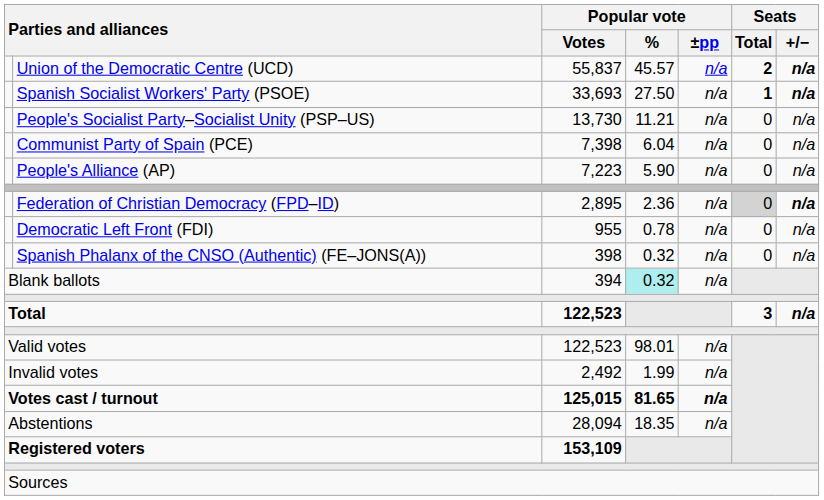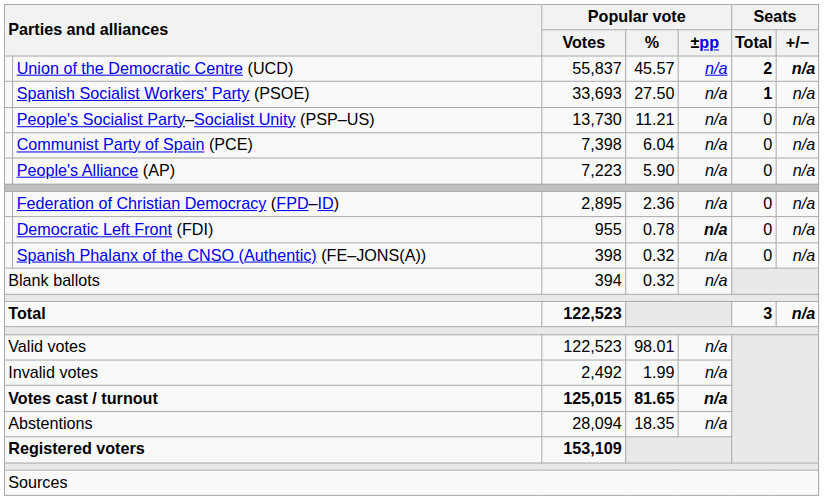 <table class="wikitable" style="text-align:right;">
 <tr>
 <th style="text-align:left;" rowspan="2" colspan="2" width="525">Parties and alliances</th>
 <th colspan="3">Popular vote</th>
 <th colspan="2">Seats</th>
 </tr>
 <tr>
 <th width="75">Votes</th>
 <th width="45">%</th>
 <th width="45">±<a href='#'>pp</a></th>
 <th width="35">Total</th>
 <th width="35">+/−</th>
 </tr>
 <tr>
 <td width="1" style="color:inherit;background:"></td>
 <td align="left"><a href='#'>Union of the Democratic Centre</a> (UCD)</td>
 <td>55,837</td>
 <td>45.57</td>
 <td><em><a href='#'>n/a</a></em></td>
 <td><strong>2</strong></td>
 <td><strong><em>n/a</em></strong></td>
 </tr>
 <tr>
 <td style="color:inherit;background:"></td>
 <td align="left"><a href='#'>Spanish Socialist Workers' Party</a> (PSOE)</td>
 <td>33,693</td>
 <td>27.50</td>
 <td><em>n/a</em></td>
 <td><strong>1</strong></td>
-<td><strong><em>n/a</em></strong></td>
+<td><em>n/a</em></td>
 </tr>
 <tr>
 <td style="color:inherit;background:"></td>
 <td align="left"><a href='#'>People's Socialist Party</a>–<a href='#'>Socialist Unity</a> (PSP–US)</td>
 <td>13,730</td>
 <td>11.21</td>
 <td><em>n/a</em></td>
 <td>0</td>
 <td><em>n/a</em></td>
 </tr>
 <tr>
 <td style="color:inherit;background:"></td>
 <td align="left"><a href='#'>Communist Party of Spain</a> (PCE)</td>
 <td>7,398</td>
 <td>6.04</td>
 <td><em>n/a</em></td>
 <td>0</td>
 <td><em>n/a</em></td>
 </tr>
 <tr>
 <td style="color:inherit;background:"></td>
 <td align="left"><a href='#'>People's Alliance</a> (AP)</td>
 <td>7,223</td>
 <td>5.90</td>
 <td><em>n/a</em></td>
 <td>0</td>
 <td><em>n/a</em></td>
 </tr>
 <tr>
 <td colspan="7" bgcolor="#C0C0C0"></td>
 </tr>
 <tr>
 <td style="color:inherit;background:"></td>
 <td align="left"><a href='#'>Federation of Christian Democracy</a> (<a href='#'>FPD</a>–<a href='#'>ID</a>)</td>
 <td>2,895</td>
 <td>2.36</td>
 <td><em>n/a</em></td>
-<td style="background: lightgrey;">0</td>
-<td><strong><em>n/a</em></strong></td>
+<td>0</td>
+<td><em>n/a</em></td>
 </tr>
 <tr>
 <td style="color:inherit;background:"></td>
 <td align="left"><a href='#'>Democratic Left Front</a> (FDI)</td>
 <td>955</td>
 <td>0.78</td>
-<td><em>n/a</em></td>
+<td><strong><em>n/a</em></strong></td>
 <td>0</td>
 <td><em>n/a</em></td>
 </tr>
 <tr>
 <td style="color:inherit;background:"></td>
 <td align="left"><a href='#'>Spanish Phalanx of the CNSO (Authentic)</a> (FE–JONS(A))</td>
 <td>398</td>
 <td>0.32</td>
 <td><em>n/a</em></td>
 <td>0</td>
 <td><em>n/a</em></td>
 </tr>
 <tr>
 <td align="left" colspan="2">Blank ballots</td>
 <td>394</td>
-<td style="background: paleturquoise;">0.32</td>
+<td>0.32</td>
 <td><em>n/a</em></td>
 <td bgcolor="#E9E9E9" colspan="2"></td>
 </tr>
 <tr>
 <td colspan="7" bgcolor="#E9E9E9"></td>
 </tr>
 <tr style="font-weight:bold;">
 <td align="left" colspan="2">Total</td>
 <td>122,523</td>
 <td bgcolor="#E9E9E9" colspan="2"></td>
 <td>3</td>
 <td><em>n/a</em></td>
 </tr>
 <tr>
 <td colspan="7" bgcolor="#E9E9E9"></td>
 </tr>
 <tr>
 <td align="left" colspan="2">Valid votes</td>
 <td>122,523</td>
 <td>98.01</td>
 <td><em>n/a</em></td>
 <td bgcolor="#E9E9E9" colspan="2" rowspan="5"></td>
 </tr>
 <tr>
 <td align="left" colspan="2">Invalid votes</td>
 <td>2,492</td>
 <td>1.99</td>
 <td><em>n/a</em></td>
 </tr>
 <tr style="font-weight:bold;">
 <td align="left" colspan="2">Votes cast / turnout</td>
 <td>125,015</td>
 <td>81.65</td>
 <td><em>n/a</em></td>
 </tr>
 <tr>
 <td align="left" colspan="2">Abstentions</td>
 <td>28,094</td>
 <td>18.35</td>
 <td><em>n/a</em></td>
 </tr>
 <tr style="font-weight:bold;">
 <td align="left" colspan="2">Registered voters</td>
 <td>153,109</td>
 <td bgcolor="#E9E9E9" colspan="2"></td>
 </tr>
 <tr>
 <td colspan="7" bgcolor="#E9E9E9"></td>
 </tr>
 <tr>
 <td align="left" colspan="7">Sources</td>
 </tr>
 </table>
